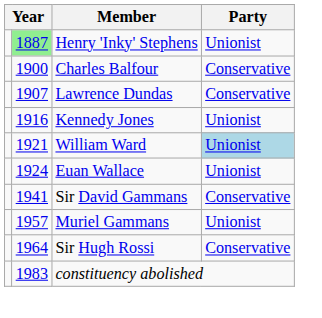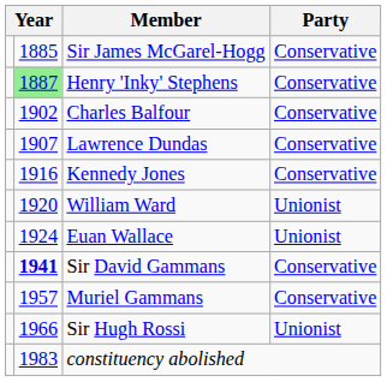 <table class="wikitable">
 <tr>
 <th colspan="2">Year</th>
 <th>Member</th>
 <th>Party</th>
 </tr>
 <tr>
 <td style="color:inherit;background-color:"></td>
-<td style="background: lightgreen;"><a href='#'>1887</a></td>
-<td><a href='#'>Henry 'Inky' Stephens</a></td>
-<td><a href='#'>Unionist</a></td>
+<td><a href='#'>1885</a></td>
+<td><a href='#'>Sir James McGarel-Hogg</a></td>
+<td><a href='#'>Conservative</a></td>
 </tr>
 <tr>
 <td style="color:inherit;background-color:"></td>
-<td><a href='#'>1900</a></td>
+<td style="background: lightgreen;"><a href='#'>1887</a></td>
+<td><a href='#'>Henry 'Inky' Stephens</a></td>
+<td><a href='#'>Conservative</a></td>
+</tr>
+<tr>
+<td style="color:inherit;background-color:"></td>
+<td><a href='#'>1902</a></td>
 <td><a href='#'>Charles Balfour</a></td>
 <td><a href='#'>Conservative</a></td>
 </tr>
 <tr>
 <td style="color:inherit;background-color:"></td>
 <td><a href='#'>1907</a></td>
 <td><a href='#'>Lawrence Dundas</a></td>
 <td><a href='#'>Conservative</a></td>
 </tr>
 <tr>
 <td style="color:inherit;background-color:"></td>
 <td><a href='#'>1916</a></td>
 <td><a href='#'>Kennedy Jones</a></td>
-<td><a href='#'>Unionist</a></td>
+<td><a href='#'>Conservative</a></td>
 </tr>
 <tr>
 <td style="color:inherit;background-color:"></td>
-<td><a href='#'>1921</a></td>
+<td><a href='#'>1920</a></td>
 <td><a href='#'>William Ward</a></td>
-<td style="background: lightblue;"><a href='#'>Unionist</a></td>
+<td><a href='#'>Unionist</a></td>
 </tr>
 <tr>
 <td style="color:inherit;background-color:"></td>
 <td><a href='#'>1924</a></td>
 <td><a href='#'>Euan Wallace</a></td>
 <td><a href='#'>Unionist</a></td>
 </tr>
 <tr>
 <td style="color:inherit;background-color:"></td>
-<td><a href='#'>1941</a></td>
+<td><strong><a href='#'>1941</a></strong></td>
 <td>Sir <a href='#'>David Gammans</a></td>
 <td><a href='#'>Conservative</a></td>
 </tr>
 <tr>
 <td style="color:inherit;background-color:"></td>
 <td><a href='#'>1957</a></td>
 <td><a href='#'>Muriel Gammans</a></td>
-<td><a href='#'>Unionist</a></td>
+<td><a href='#'>Conservative</a></td>
 </tr>
 <tr>
 <td style="color:inherit;background-color:"></td>
-<td><a href='#'>1964</a></td>
+<td><a href='#'>1966</a></td>
 <td>Sir <a href='#'>Hugh Rossi</a></td>
-<td><a href='#'>Conservative</a></td>
+<td><a href='#'>Unionist</a></td>
 </tr>
 <tr>
 <td></td>
 <td><a href='#'>1983</a></td>
 <td colspan="2"><em>constituency abolished</em></td>
 </tr>
 </table>
